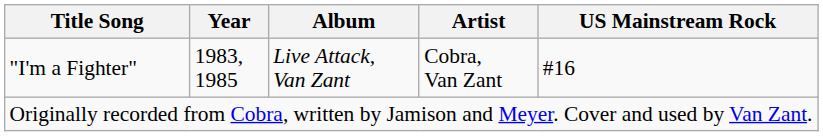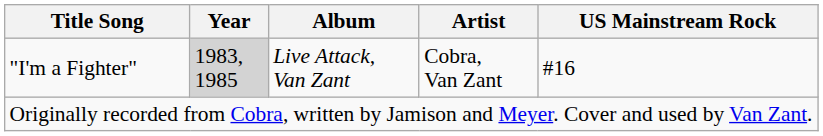 <table class="wikitable">
 <tr>
 <th>Title Song</th>
 <th>Year</th>
 <th>Album</th>
 <th>Artist</th>
 <th>US Mainstream Rock</th>
 </tr>
 <tr>
 <td>"I'm a Fighter"</td>
-<td>1983,<br>1985</td>
+<td style="background: lightgrey;">1983,<br>1985</td>
 <td><em>Live Attack,</em><br><em>Van Zant</em></td>
 <td>Cobra,<br>Van Zant</td>
 <td>#16</td>
 </tr>
 <tr>
 <td colspan="5">Originally recorded from <a href='#'>Cobra</a>, written by Jamison and <a href='#'>Meyer</a>. Cover and used by <a href='#'>Van Zant</a>.</td>
 </tr>
 </table>
